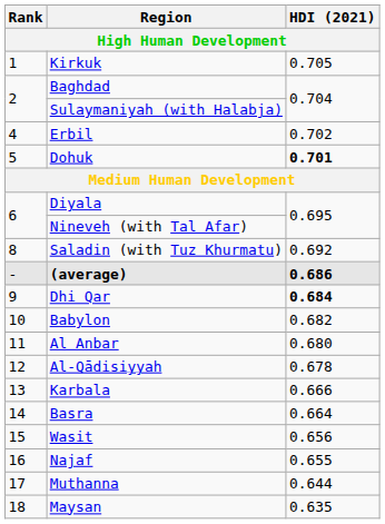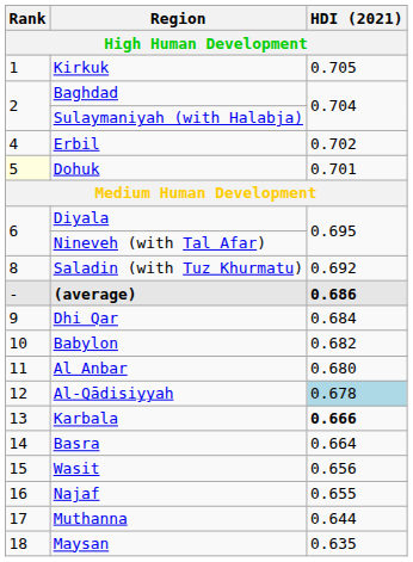 <table class="wikitable sortable">
 <tr>
 <th>Rank</th>
 <th>Region</th>
 <th>HDI (2021)</th>
 </tr>
 <tr>
 <th colspan="3" style="color:#0c0;">High Human Development</th>
 </tr>
 <tr>
 <td>1</td>
 <td> <a href='#'>Kirkuk</a></td>
 <td> 0.705</td>
 </tr>
 <tr>
 <td rowspan="2">2</td>
 <td><a href='#'>Baghdad</a></td>
 <td rowspan="2"> 0.704</td>
 </tr>
 <tr>
 <td><a href='#'>Sulaymaniyah (with Halabja)</a></td>
 </tr>
 <tr>
 <td>4</td>
 <td><a href='#'>Erbil</a></td>
 <td> 0.702</td>
 </tr>
 <tr>
-<td>5</td>
+<td style="background: lightyellow;">5</td>
 <td><a href='#'>Dohuk</a></td>
-<td><strong> 0.701</strong></td>
+<td> 0.701</td>
 </tr>
 <tr>
 <th colspan="3" style="color:#fc0;">Medium Human Development</th>
 </tr>
 <tr>
 <td rowspan="2">6</td>
 <td> <a href='#'>Diyala</a></td>
 <td rowspan="2"> 0.695</td>
 </tr>
 <tr>
 <td><a href='#'>Nineveh</a> (with <a href='#'>Tal Afar</a>)</td>
 </tr>
 <tr>
 <td>8</td>
 <td><a href='#'>Saladin</a> (with <a href='#'>Tuz Khurmatu</a>)</td>
 <td> 0.692</td>
 </tr>
 <tr style="background:#e6e6e6">
 <td>-</td>
 <td><strong> (average)</strong></td>
 <td><strong>0.686</strong></td>
 </tr>
 <tr>
 <td>9</td>
 <td><a href='#'>Dhi Qar</a></td>
-<td><strong> 0.684</strong></td>
+<td> 0.684</td>
 </tr>
 <tr>
 <td>10</td>
 <td><a href='#'>Babylon</a></td>
 <td> 0.682</td>
 </tr>
 <tr>
 <td>11</td>
 <td><a href='#'>Al Anbar</a></td>
 <td> 0.680</td>
 </tr>
 <tr>
 <td>12</td>
 <td><a href='#'>Al-Qādisiyyah</a></td>
-<td> 0.678</td>
+<td style="background: lightblue;"> 0.678</td>
 </tr>
 <tr>
 <td>13</td>
 <td><a href='#'>Karbala</a></td>
-<td> 0.666</td>
+<td><strong> 0.666</strong></td>
 </tr>
 <tr>
 <td>14</td>
 <td><a href='#'>Basra</a></td>
 <td> 0.664</td>
 </tr>
 <tr>
 <td>15</td>
 <td><a href='#'>Wasit</a></td>
 <td> 0.656</td>
 </tr>
 <tr>
 <td>16</td>
 <td><a href='#'>Najaf</a></td>
 <td> 0.655</td>
 </tr>
 <tr>
 <td>17</td>
 <td><a href='#'>Muthanna</a></td>
 <td> 0.644</td>
 </tr>
 <tr>
 <td>18</td>
 <td><a href='#'>Maysan</a></td>
 <td> 0.635</td>
 </tr>
 </table>
